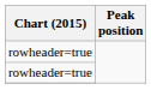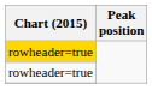 <table class="wikitable sortable">
 <tr>
 <th align="left">Chart (2015)</th>
 <th align="left">Peak<br>position</th>
 </tr>
 <tr>
-<td>rowheader=true</td>
+<td style="background: gold;">rowheader=true</td>
 </tr>
 <tr>
 <td>rowheader=true</td>
 </tr>
 <tr>
 </tr>
 </table>
